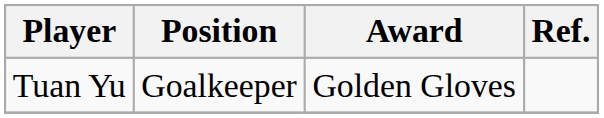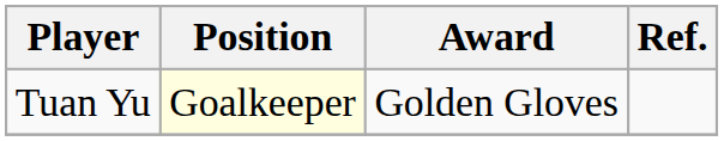 <table class="wikitable">
 <tr>
 <th>Player</th>
 <th>Position</th>
 <th>Award</th>
 <th>Ref.</th>
 </tr>
 <tr>
 <td> Tuan Yu</td>
-<td align="center">Goalkeeper</td>
+<td align="center" style="background: lightyellow;">Goalkeeper</td>
 <td align="center">Golden Gloves</td>
 <td align="center"></td>
 </tr>
 <tr>
 </tr>
 </table>
